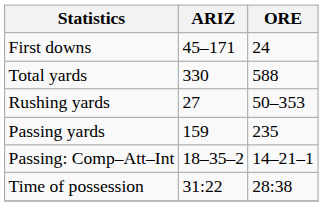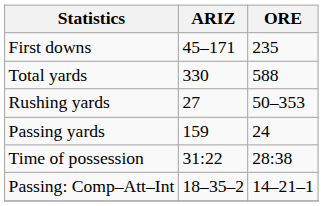 <table class="wikitable" style="float: left;">
 <tr>
 <th>Statistics</th>
 <th>ARIZ</th>
 <th>ORE</th>
 </tr>
 <tr>
 <td>First downs</td>
 <td>45–171</td>
-<td>24</td>
+<td>235</td>
 </tr>
 <tr>
 <td>Total yards</td>
 <td>330</td>
 <td>588</td>
 </tr>
 <tr>
 <td>Rushing yards</td>
 <td>27</td>
 <td>50–353</td>
 </tr>
 <tr>
 <td>Passing yards</td>
 <td>159</td>
-<td>235</td>
+<td>24</td>
+</tr>
+<tr>
+<td>Time of possession</td>
+<td>31:22</td>
+<td>28:38</td>
 </tr>
 <tr>
 <td>Passing: Comp–Att–Int</td>
 <td>18–35–2</td>
 <td>14–21–1</td>
 </tr>
 <tr>
-<td>Time of possession</td>
-<td>31:22</td>
-<td>28:38</td>
-</tr>
-<tr>
 </tr>
 </table>
